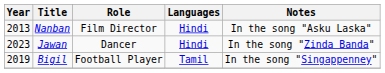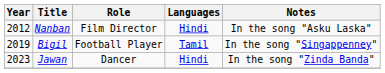 <table class="wikitable sortable" style=" text-align: center;">
 <tr>
 <th scope="col">Year</th>
 <th scope="col">Title</th>
 <th scope="col">Role</th>
 <th scope=>Languages</th>
 <th scope="col" class="unsortable">Notes</th>
 </tr>
 <tr>
-<td>2013</td>
+<td>2012</td>
 <td><em><a href='#'>Nanban</a></em></td>
 <td>Film Director</td>
 <td><a href='#'>Hindi</a></td>
 <td>In the song "Asku Laska"</td>
+</tr>
+<tr>
+<td>2019</td>
+<td><em><a href='#'>Bigil</a></em></td>
+<td>Football Player</td>
+<td><a href='#'>Tamil</a></td>
+<td>In the song "<a href='#'>Singappenney</a>"</td>
 </tr>
 <tr>
 <td>2023</td>
 <td><em><a href='#'>Jawan</a></em></td>
 <td>Dancer</td>
 <td><a href='#'>Hindi</a></td>
 <td>In the song "<a href='#'>Zinda Banda</a>"</td>
 </tr>
 <tr>
-<td>2019</td>
-<td><em><a href='#'>Bigil</a></em></td>
-<td>Football Player</td>
-<td><a href='#'>Tamil</a></td>
-<td>In the song "<a href='#'>Singappenney</a>"</td>
-</tr>
-<tr>
 </tr>
 </table>
